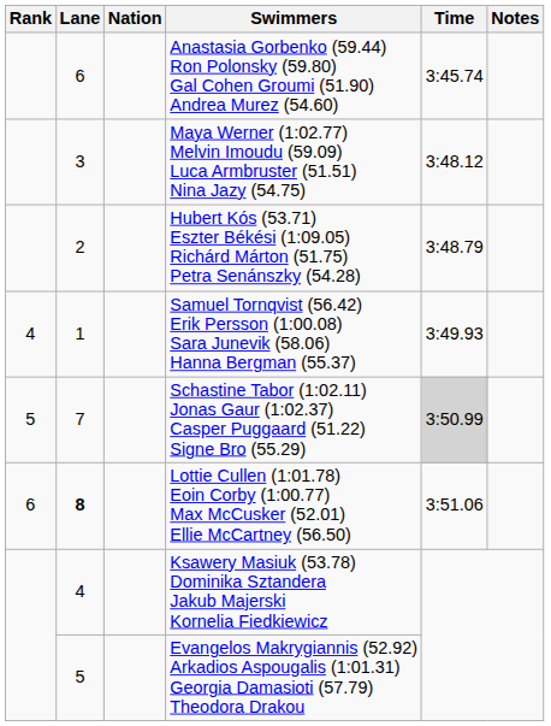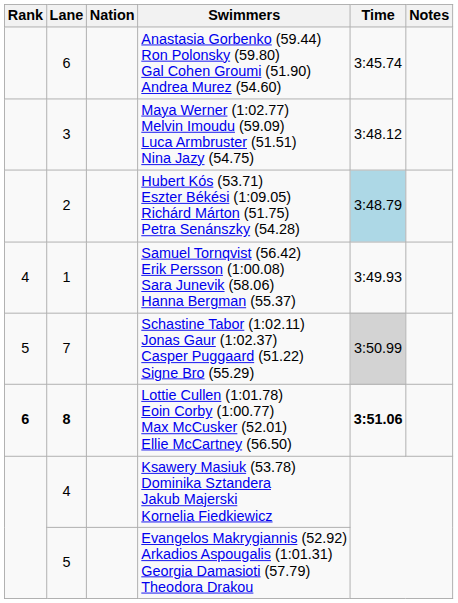 <table class="wikitable sortable" style="text-align:center">
 <tr>
 <th>Rank</th>
 <th>Lane</th>
 <th>Nation</th>
 <th>Swimmers</th>
 <th>Time</th>
 <th>Notes</th>
 </tr>
 <tr>
 <td></td>
 <td>6</td>
 <td align=left></td>
 <td align=left><a href='#'>Anastasia Gorbenko</a> (59.44)<br><a href='#'>Ron Polonsky</a> (59.80)<br><a href='#'>Gal Cohen Groumi</a> (51.90)<br><a href='#'>Andrea Murez</a> (54.60)</td>
 <td>3:45.74</td>
 <td></td>
 </tr>
 <tr>
 <td></td>
 <td>3</td>
 <td align=left></td>
 <td align=left><a href='#'>Maya Werner</a> (1:02.77)<br><a href='#'>Melvin Imoudu</a> (59.09)<br><a href='#'>Luca Armbruster</a> (51.51)<br><a href='#'>Nina Jazy</a> (54.75)</td>
 <td>3:48.12</td>
 <td></td>
 </tr>
 <tr>
 <td></td>
 <td>2</td>
 <td align=left></td>
 <td align=left><a href='#'>Hubert Kós</a> (53.71)<br><a href='#'>Eszter Békési</a> (1:09.05)<br><a href='#'>Richárd Márton</a> (51.75)<br><a href='#'>Petra Senánszky</a> (54.28)</td>
-<td>3:48.79</td>
+<td style="background: lightblue;">3:48.79</td>
 <td></td>
 </tr>
 <tr>
 <td>4</td>
 <td>1</td>
 <td align=left></td>
 <td align=left><a href='#'>Samuel Tornqvist</a> (56.42)<br><a href='#'>Erik Persson</a> (1:00.08)<br><a href='#'>Sara Junevik</a> (58.06)<br><a href='#'>Hanna Bergman</a> (55.37)</td>
 <td>3:49.93</td>
 <td></td>
 </tr>
 <tr>
 <td>5</td>
 <td>7</td>
 <td align=left></td>
 <td align=left><a href='#'>Schastine Tabor</a> (1:02.11)<br><a href='#'>Jonas Gaur</a> (1:02.37)<br><a href='#'>Casper Puggaard</a> (51.22)<br><a href='#'>Signe Bro</a> (55.29)</td>
 <td style="background: lightgrey;">3:50.99</td>
 <td></td>
 </tr>
 <tr>
-<td>6</td>
+<td><strong>6</strong></td>
 <td><strong>8</strong></td>
 <td align=left></td>
 <td align=left><a href='#'>Lottie Cullen</a> (1:01.78)<br><a href='#'>Eoin Corby</a> (1:00.77)<br><a href='#'>Max McCusker</a> (52.01)<br><a href='#'>Ellie McCartney</a> (56.50)</td>
-<td>3:51.06</td>
+<td><strong>3:51.06</strong></td>
 <td></td>
 </tr>
 <tr>
 <td rowspan=2></td>
 <td>4</td>
 <td align=left></td>
 <td align=left><a href='#'>Ksawery Masiuk</a> (53.78)<br><a href='#'>Dominika Sztandera</a><br><a href='#'>Jakub Majerski</a><br><a href='#'>Kornelia Fiedkiewicz</a></td>
 <td colspan=2 rowspan=2></td>
 </tr>
 <tr>
 <td>5</td>
 <td align=left></td>
 <td align=left><a href='#'>Evangelos Makrygiannis</a> (52.92)<br><a href='#'>Arkadios Aspougalis</a> (1:01.31)<br><a href='#'>Georgia Damasioti</a> (57.79)<br><a href='#'>Theodora Drakou</a></td>
 </tr>
 </table>
